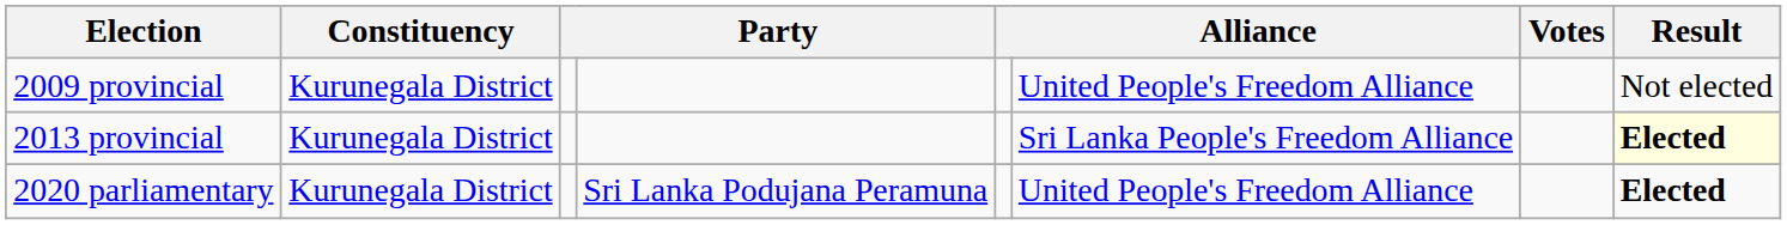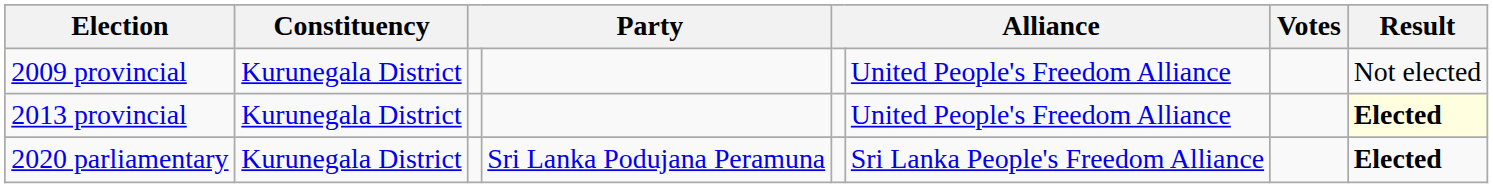 <table class="wikitable" style="text-align:left;">
 <tr>
 <th scope=col>Election</th>
 <th scope=col>Constituency</th>
 <th scope=col colspan="2">Party</th>
 <th scope=col colspan="2">Alliance</th>
 <th scope=col>Votes</th>
 <th scope=col>Result</th>
 </tr>
 <tr>
 <td><a href='#'>2009 provincial</a></td>
 <td><a href='#'>Kurunegala District</a></td>
 <td></td>
 <td></td>
 <td style="background:"></td>
 <td><a href='#'>United People's Freedom Alliance</a></td>
 <td align=right></td>
 <td>Not elected</td>
 </tr>
 <tr>
 <td><a href='#'>2013 provincial</a></td>
 <td><a href='#'>Kurunegala District</a></td>
 <td></td>
 <td></td>
 <td style="background:"></td>
-<td><a href='#'>Sri Lanka People's Freedom Alliance</a></td>
+<td><a href='#'>United People's Freedom Alliance</a></td>
 <td align=right></td>
 <td style="background: lightyellow;"><strong>Elected</strong></td>
 </tr>
 <tr>
 <td><a href='#'>2020 parliamentary</a></td>
 <td><a href='#'>Kurunegala District</a></td>
 <td style="background:"></td>
 <td><a href='#'>Sri Lanka Podujana Peramuna</a></td>
 <td style="background:"></td>
-<td><a href='#'>United People's Freedom Alliance</a></td>
+<td><a href='#'>Sri Lanka People's Freedom Alliance</a></td>
 <td align=right></td>
 <td><strong>Elected</strong></td>
 </tr>
 </table>
